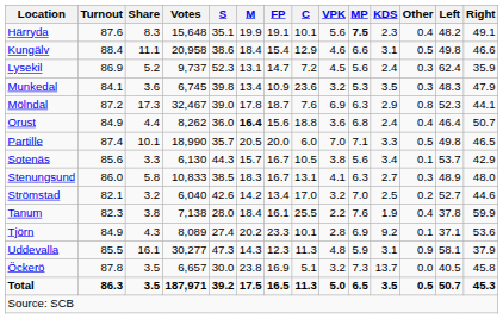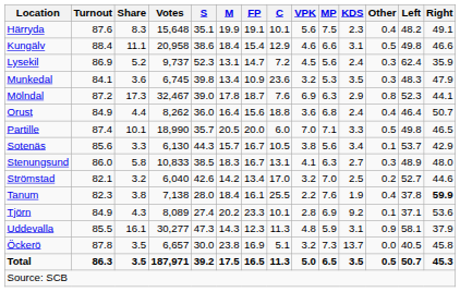 <table class="wikitable sortable" style=text-align:right>
 <tr>
 <th>Location</th>
 <th>Turnout</th>
 <th>Share</th>
 <th>Votes</th>
 <th><a href='#'>S</a></th>
 <th><a href='#'>M</a></th>
 <th><a href='#'>FP</a></th>
 <th><a href='#'>C</a></th>
 <th><a href='#'>VPK</a></th>
 <th><a href='#'>MP</a></th>
 <th><a href='#'>KDS</a></th>
 <th>Other</th>
 <th>Left</th>
 <th>Right</th>
 </tr>
 <tr>
 <td align=left><a href='#'>Härryda</a></td>
 <td>87.6</td>
 <td>8.3</td>
 <td>15,648</td>
 <td>35.1</td>
 <td>19.9</td>
 <td>19.1</td>
 <td>10.1</td>
 <td>5.6</td>
-<td><strong>7.5</strong></td>
+<td>7.5</td>
 <td>2.3</td>
 <td>0.4</td>
 <td>48.2</td>
 <td>49.1</td>
 </tr>
 <tr>
 <td align=left><a href='#'>Kungälv</a></td>
 <td>88.4</td>
 <td>11.1</td>
 <td>20,958</td>
 <td>38.6</td>
 <td>18.4</td>
 <td>15.4</td>
 <td>12.9</td>
 <td>4.6</td>
 <td>6.6</td>
 <td>3.1</td>
 <td>0.5</td>
 <td>49.8</td>
 <td>46.6</td>
 </tr>
 <tr>
 <td align=left><a href='#'>Lysekil</a></td>
 <td>86.9</td>
 <td>5.2</td>
 <td>9,737</td>
 <td>52.3</td>
 <td>13.1</td>
 <td>14.7</td>
 <td>7.2</td>
 <td>4.5</td>
 <td>5.6</td>
 <td>2.4</td>
 <td>0.3</td>
 <td>62.4</td>
 <td>35.9</td>
 </tr>
 <tr>
 <td align=left><a href='#'>Munkedal</a></td>
 <td>84.1</td>
 <td>3.6</td>
 <td>6,745</td>
 <td>39.8</td>
 <td>13.4</td>
 <td>10.9</td>
 <td>23.6</td>
 <td>3.2</td>
 <td>5.3</td>
 <td>3.5</td>
 <td>0.3</td>
 <td>48.3</td>
 <td>47.9</td>
 </tr>
 <tr>
 <td align=left><a href='#'>Mölndal</a></td>
 <td>87.2</td>
 <td>17.3</td>
 <td>32,467</td>
 <td>39.0</td>
 <td>17.8</td>
 <td>18.7</td>
 <td>7.6</td>
 <td>6.9</td>
 <td>6.3</td>
 <td>2.9</td>
 <td>0.8</td>
 <td>52.3</td>
 <td>44.1</td>
 </tr>
 <tr>
 <td align=left><a href='#'>Orust</a></td>
 <td>84.9</td>
 <td>4.4</td>
 <td>8,262</td>
 <td>36.0</td>
-<td><strong>16.4</strong></td>
+<td>16.4</td>
 <td>15.6</td>
 <td>18.8</td>
 <td>3.6</td>
 <td>6.8</td>
 <td>2.4</td>
 <td>0.4</td>
 <td>46.4</td>
 <td>50.7</td>
 </tr>
 <tr>
 <td align=left><a href='#'>Partille</a></td>
 <td>87.4</td>
 <td>10.1</td>
 <td>18,990</td>
 <td>35.7</td>
 <td>20.5</td>
 <td>20.0</td>
 <td>6.0</td>
 <td>7.0</td>
 <td>7.1</td>
 <td>3.3</td>
 <td>0.5</td>
 <td>49.8</td>
 <td>46.5</td>
 </tr>
 <tr>
 <td align=left><a href='#'>Sotenäs</a></td>
 <td>85.6</td>
 <td>3.3</td>
 <td>6,130</td>
 <td>44.3</td>
 <td>15.7</td>
 <td>16.7</td>
 <td>10.5</td>
 <td>3.8</td>
 <td>5.6</td>
 <td>3.4</td>
 <td>0.1</td>
 <td>53.7</td>
 <td>42.9</td>
 </tr>
 <tr>
 <td align=left><a href='#'>Stenungsund</a></td>
 <td>86.0</td>
 <td>5.8</td>
 <td>10,833</td>
 <td>38.5</td>
 <td>18.3</td>
 <td>16.7</td>
 <td>13.1</td>
 <td>4.1</td>
 <td>6.3</td>
 <td>2.7</td>
 <td>0.3</td>
 <td>48.9</td>
 <td>48.0</td>
 </tr>
 <tr>
 <td align=left><a href='#'>Strömstad</a></td>
 <td>82.1</td>
 <td>3.2</td>
 <td>6,040</td>
 <td>42.6</td>
 <td>14.2</td>
 <td>13.4</td>
 <td>17.0</td>
 <td>3.2</td>
 <td>7.0</td>
 <td>2.5</td>
 <td>0.2</td>
 <td>52.7</td>
 <td>44.6</td>
 </tr>
 <tr>
 <td align=left><a href='#'>Tanum</a></td>
 <td>82.3</td>
 <td>3.8</td>
 <td>7,138</td>
 <td>28.0</td>
 <td>18.4</td>
 <td>16.1</td>
 <td>25.5</td>
 <td>2.2</td>
 <td>7.6</td>
 <td>1.9</td>
 <td>0.4</td>
 <td>37.8</td>
-<td>59.9</td>
+<td><strong>59.9</strong></td>
 </tr>
 <tr>
 <td align=left><a href='#'>Tjörn</a></td>
 <td>84.9</td>
 <td>4.3</td>
 <td>8,089</td>
 <td>27.4</td>
 <td>20.2</td>
 <td>23.3</td>
 <td>10.1</td>
 <td>2.8</td>
 <td>6.9</td>
 <td>9.2</td>
 <td>0.1</td>
 <td>37.1</td>
 <td>53.6</td>
 </tr>
 <tr>
 <td align=left><a href='#'>Uddevalla</a></td>
 <td>85.5</td>
 <td>16.1</td>
 <td>30,277</td>
 <td>47.3</td>
 <td>14.3</td>
 <td>12.3</td>
 <td>11.3</td>
 <td>4.8</td>
 <td>5.9</td>
 <td>3.1</td>
 <td>0.9</td>
 <td>58.1</td>
 <td>37.9</td>
 </tr>
 <tr>
 <td align=left><a href='#'>Öckerö</a></td>
 <td>87.8</td>
 <td>3.5</td>
 <td>6,657</td>
 <td>30.0</td>
 <td>23.8</td>
 <td>16.9</td>
 <td>5.1</td>
 <td>3.2</td>
 <td>7.3</td>
 <td>13.7</td>
 <td>0.0</td>
 <td>40.5</td>
 <td>45.8</td>
 </tr>
 <tr>
 <td align=left><strong>Total</strong></td>
 <td><strong>86.3</strong></td>
 <td><strong>3.5</strong></td>
 <td><strong>187,971</strong></td>
 <td><strong>39.2</strong></td>
 <td><strong>17.5</strong></td>
 <td><strong>16.5</strong></td>
 <td><strong>11.3</strong></td>
 <td><strong>5.0</strong></td>
 <td><strong>6.5</strong></td>
 <td><strong>3.5</strong></td>
 <td><strong>0.5</strong></td>
 <td><strong>50.7</strong></td>
 <td><strong>45.3</strong></td>
 </tr>
 <tr>
 <td align=left colspan=14>Source: SCB </td>
 </tr>
 </table>
